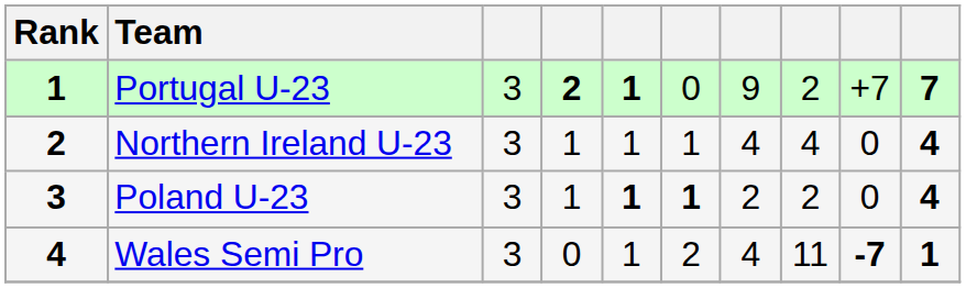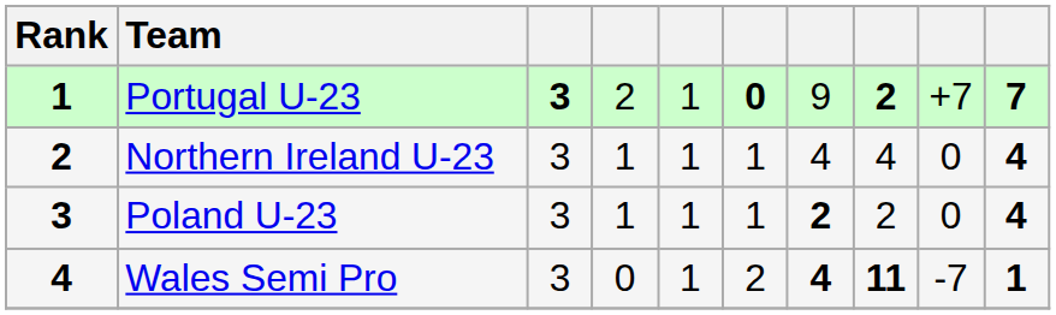 <table class="wikitable" style="text-align:center">
 <tr>
 <th width=30>Rank</th>
 <th width=165 style="text-align:left;">Team</th>
 <th width=20></th>
 <th width=20></th>
 <th width=20></th>
 <th width=20></th>
 <th width=20></th>
 <th width=20></th>
 <th width=20></th>
 <th width=20></th>
 </tr>
 <tr align=center style="background:#ccffcc;">
 <td><strong>1</strong></td>
 <td style="text-align:left;"> <a href='#'>Portugal U-23</a></td>
-<td>3</td>
+<td><strong>3</strong></td>
+<td>2</td>
+<td>1</td>
+<td><strong>0</strong></td>
+<td>9</td>
 <td><strong>2</strong></td>
-<td><strong>1</strong></td>
-<td>0</td>
-<td>9</td>
-<td>2</td>
 <td>+7</td>
 <td><strong>7</strong></td>
 </tr>
 <tr align=center style="background:#f5f5f5;">
 <td><strong>2</strong></td>
 <td style="text-align:left;"> <a href='#'>Northern Ireland U-23</a></td>
 <td>3</td>
 <td>1</td>
 <td>1</td>
 <td>1</td>
 <td>4</td>
 <td>4</td>
 <td>0</td>
 <td><strong>4</strong></td>
 </tr>
 <tr align=center style="background:#f5f5f5;">
 <td><strong>3</strong></td>
 <td style="text-align:left;"> <a href='#'>Poland U-23</a></td>
 <td>3</td>
 <td>1</td>
-<td><strong>1</strong></td>
-<td><strong>1</strong></td>
-<td>2</td>
+<td>1</td>
+<td>1</td>
+<td><strong>2</strong></td>
 <td>2</td>
 <td>0</td>
 <td><strong>4</strong></td>
 </tr>
 <tr align=center style="background:#f5f5f5;">
 <td><strong>4</strong></td>
 <td style="text-align:left;"> <a href='#'>Wales Semi Pro</a></td>
 <td>3</td>
 <td>0</td>
 <td>1</td>
 <td>2</td>
-<td>4</td>
-<td>11</td>
-<td><strong>-7</strong></td>
+<td><strong>4</strong></td>
+<td><strong>11</strong></td>
+<td>-7</td>
 <td><strong>1</strong></td>
 </tr>
 <tr>
 </tr>
 </table>
